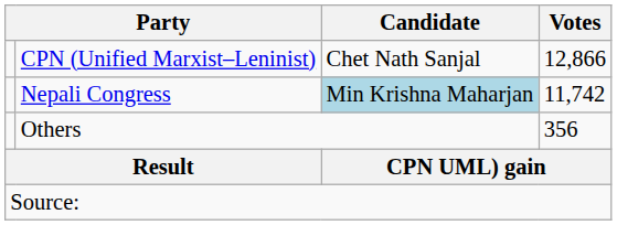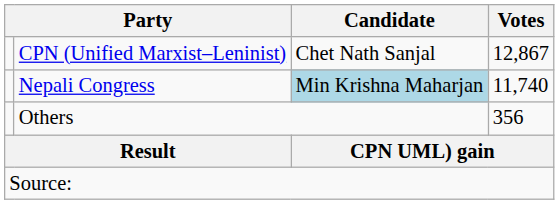 <table class="wikitable">
 <tr>
 <th colspan="2">Party</th>
 <th>Candidate</th>
 <th>Votes</th>
 </tr>
 <tr>
 <td style="background-color:"></td>
 <td><a href='#'>CPN (Unified Marxist–Leninist)</a></td>
 <td>Chet Nath Sanjal</td>
-<td>12,866</td>
+<td>12,867</td>
 </tr>
 <tr>
 <td style="background-color:"></td>
 <td><a href='#'>Nepali Congress</a></td>
 <td style="background: lightblue;">Min Krishna Maharjan</td>
-<td>11,742</td>
+<td>11,740</td>
 </tr>
 <tr>
 <td></td>
 <td colspan="2">Others</td>
 <td>356</td>
 </tr>
 <tr>
 <th colspan="2">Result</th>
 <th colspan="2">CPN UML) gain</th>
 </tr>
 <tr>
 <td colspan="4">Source: </td>
 </tr>
 </table>
